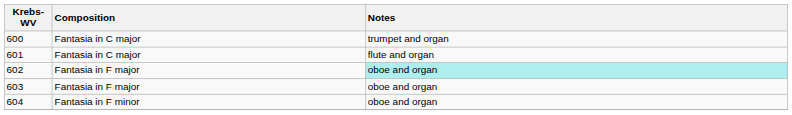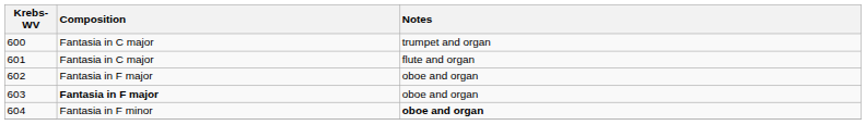 <table class="wikitable" width="100%">
 <tr>
 <th width="70">Krebs-WV</th>
 <th style="text-align: left; width: 40%">Composition</th>
 <th style="text-align: left;">Notes</th>
 </tr>
 <tr>
 <td>600</td>
 <td>Fantasia in C major</td>
 <td>trumpet and organ</td>
 </tr>
 <tr>
 <td>601</td>
 <td>Fantasia in C major</td>
 <td>flute and organ</td>
 </tr>
 <tr>
 <td>602</td>
 <td>Fantasia in F major</td>
-<td style="background: paleturquoise;">oboe and organ</td>
+<td>oboe and organ</td>
 </tr>
 <tr>
 <td>603</td>
-<td>Fantasia in F major</td>
+<td><strong>Fantasia in F major</strong></td>
 <td>oboe and organ</td>
 </tr>
 <tr>
 <td>604</td>
 <td>Fantasia in F minor</td>
-<td>oboe and organ</td>
+<td><strong>oboe and organ</strong></td>
 </tr>
 <tr>
 </tr>
 </table>
